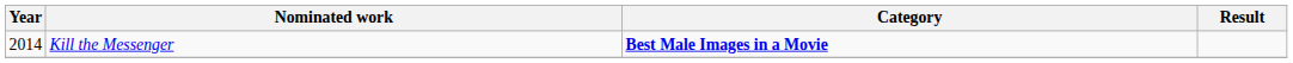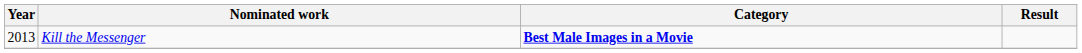 <table class="wikitable">
 <tr>
 <th scope="col" style="width:1em;">Year</th>
 <th scope="col" style="width:35em;">Nominated work</th>
 <th scope="col" style="width:35em;">Category</th>
 <th scope="col" style="width:5em;">Result</th>
 </tr>
 <tr>
-<td>2014</td>
+<td>2013</td>
 <td><em><a href='#'>Kill the Messenger</a></em></td>
 <td><strong><a href='#'>Best Male Images in a Movie</a></strong></td>
 <td></td>
 </tr>
 <tr>
 </tr>
 </table>
